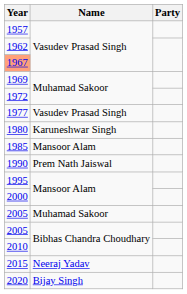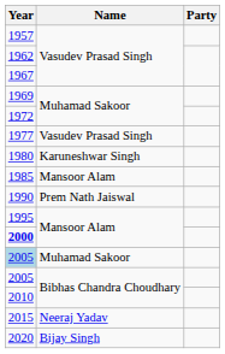 <table class="wikitable sortable">
 <tr>
 <th>Year</th>
 <th>Name</th>
 <th colspan="2">Party</th>
 </tr>
 <tr>
 <td><a href='#'>1957</a></td>
 <td rowspan="3">Vasudev Prasad Singh</td>
 <td></td>
 </tr>
 <tr>
 <td><a href='#'>1962</a></td>
 </tr>
 <tr>
-<td style="background: lightsalmon;"><a href='#'>1967</a></td>
+<td><a href='#'>1967</a></td>
 </tr>
 <tr>
 <td><a href='#'>1969</a></td>
 <td rowspan="2">Muhamad Sakoor</td>
 <td></td>
 </tr>
 <tr>
 <td><a href='#'>1972</a></td>
 <td></td>
 </tr>
 <tr>
 <td><a href='#'>1977</a></td>
 <td>Vasudev Prasad Singh</td>
 <td></td>
 </tr>
 <tr>
 <td><a href='#'>1980</a></td>
 <td>Karuneshwar Singh</td>
 <td></td>
 </tr>
 <tr>
 <td><a href='#'>1985</a></td>
 <td>Mansoor Alam</td>
 <td></td>
 </tr>
 <tr>
 <td><a href='#'>1990</a></td>
 <td>Prem Nath Jaiswal</td>
 <td></td>
 </tr>
 <tr>
 <td><a href='#'>1995</a></td>
 <td rowspan="2">Mansoor Alam</td>
 <td></td>
 </tr>
 <tr>
-<td><a href='#'>2000</a></td>
+<td><strong><a href='#'>2000</a></strong></td>
 <td></td>
 </tr>
 <tr>
-<td><a href='#'>2005</a></td>
+<td style="background: lightblue;"><a href='#'>2005</a></td>
 <td>Muhamad Sakoor</td>
 <td></td>
 </tr>
 <tr>
 <td><a href='#'>2005</a></td>
 <td rowspan="2">Bibhas Chandra Choudhary</td>
 <td></td>
 </tr>
 <tr>
 <td><a href='#'>2010</a></td>
 </tr>
 <tr>
 <td><a href='#'>2015</a></td>
 <td><a href='#'>Neeraj Yadav</a></td>
 <td></td>
 </tr>
 <tr>
 <td><a href='#'>2020</a></td>
 <td><a href='#'>Bijay Singh</a></td>
 <td></td>
 </tr>
 </table>
